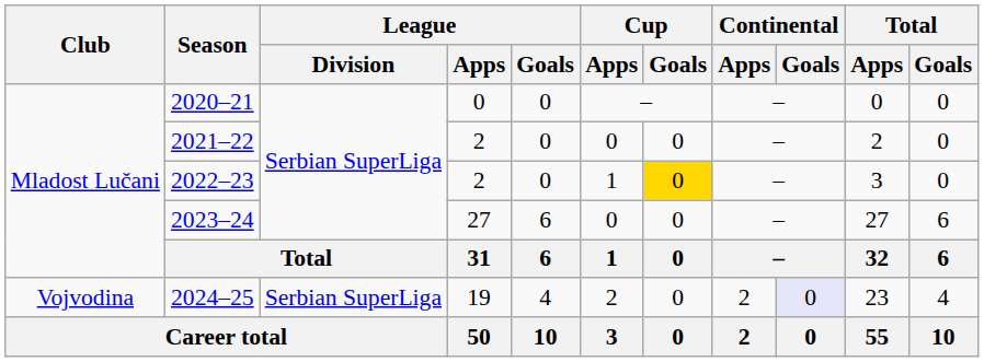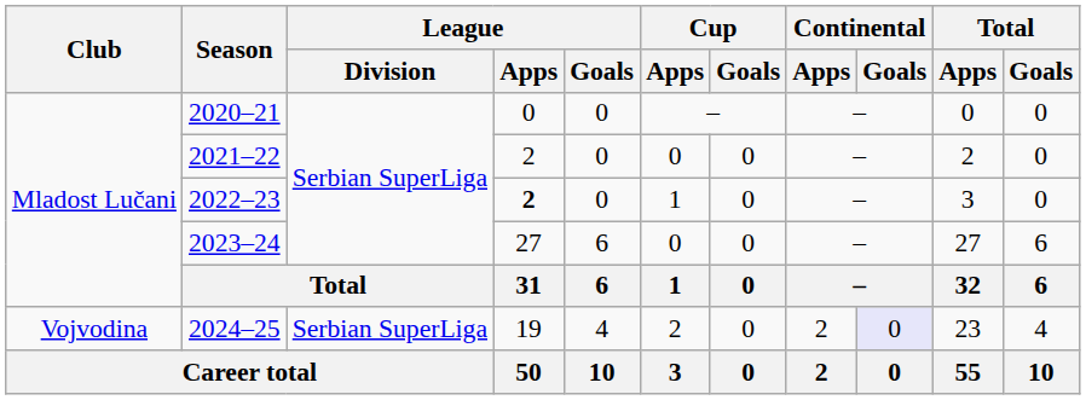 <table class="wikitable" style="text-align: center;font-size:90%">
 <tr>
 <th rowspan="2">Club</th>
 <th rowspan="2">Season</th>
 <th colspan="3">League</th>
 <th colspan="2">Cup</th>
 <th colspan="2">Continental</th>
 <th colspan="2">Total</th>
 </tr>
 <tr>
 <th>Division</th>
 <th>Apps</th>
 <th>Goals</th>
 <th>Apps</th>
 <th>Goals</th>
 <th>Apps</th>
 <th>Goals</th>
 <th>Apps</th>
 <th>Goals</th>
 </tr>
 <tr>
 <td rowspan="5" valign="center"><a href='#'>Mladost Lučani</a></td>
 <td><a href='#'>2020–21</a></td>
 <td rowspan="4" valign="center"><a href='#'>Serbian SuperLiga</a></td>
 <td>0</td>
 <td>0</td>
 <td colspan="2">–</td>
 <td colspan="2">–</td>
 <td>0</td>
 <td>0</td>
 </tr>
 <tr>
 <td><a href='#'>2021–22</a></td>
 <td>2</td>
 <td>0</td>
 <td>0</td>
 <td>0</td>
 <td colspan="2">–</td>
 <td>2</td>
 <td>0</td>
 </tr>
 <tr>
 <td><a href='#'>2022–23</a></td>
-<td>2</td>
+<td><strong>2</strong></td>
 <td>0</td>
 <td>1</td>
-<td style="background: gold;">0</td>
+<td>0</td>
 <td colspan="2">–</td>
 <td>3</td>
 <td>0</td>
 </tr>
 <tr>
 <td><a href='#'>2023–24</a></td>
 <td>27</td>
 <td>6</td>
 <td>0</td>
 <td>0</td>
 <td colspan="2">–</td>
 <td>27</td>
 <td>6</td>
 </tr>
 <tr>
 <th colspan="2">Total</th>
 <th>31</th>
 <th>6</th>
 <th>1</th>
 <th>0</th>
 <th colspan="2">–</th>
 <th>32</th>
 <th>6</th>
 </tr>
 <tr>
 <td><a href='#'>Vojvodina</a></td>
 <td><a href='#'>2024–25</a></td>
 <td><a href='#'>Serbian SuperLiga</a></td>
 <td>19</td>
 <td>4</td>
 <td>2</td>
 <td>0</td>
 <td>2</td>
 <td style="background: lavender;">0</td>
 <td>23</td>
 <td>4</td>
 </tr>
 <tr>
 <th colspan="3">Career total</th>
 <th>50</th>
 <th>10</th>
 <th>3</th>
 <th>0</th>
 <th>2</th>
 <th>0</th>
 <th>55</th>
 <th>10</th>
 </tr>
 </table>
